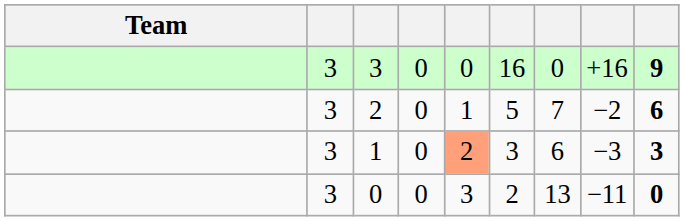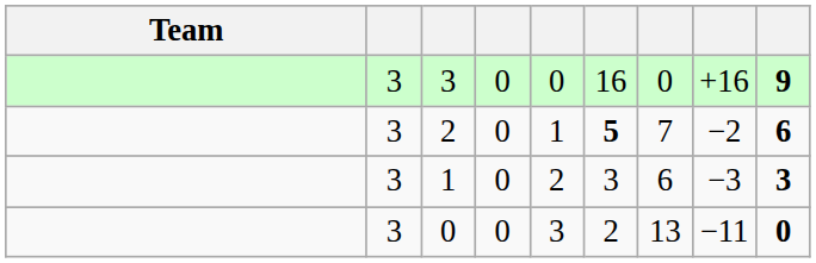 <table class="wikitable" style="text-align:center;">
 <tr>
 <th width=175>Team</th>
 <th width=20></th>
 <th width=20></th>
 <th width=20></th>
 <th width=20></th>
 <th width=20></th>
 <th width=20></th>
 <th width=20></th>
 <th width=20></th>
 </tr>
 <tr bgcolor=ccffcc>
 <td align="left"></td>
 <td>3</td>
 <td>3</td>
 <td>0</td>
 <td>0</td>
 <td>16</td>
 <td>0</td>
 <td>+16</td>
 <td><strong>9</strong></td>
 </tr>
 <tr>
 <td align="left"></td>
 <td>3</td>
 <td>2</td>
 <td>0</td>
 <td>1</td>
-<td>5</td>
+<td><strong>5</strong></td>
 <td>7</td>
 <td>−2</td>
 <td><strong>6</strong></td>
 </tr>
 <tr>
 <td align="left"></td>
 <td>3</td>
 <td>1</td>
 <td>0</td>
-<td style="background: lightsalmon;">2</td>
+<td>2</td>
 <td>3</td>
 <td>6</td>
 <td>−3</td>
 <td><strong>3</strong></td>
 </tr>
 <tr>
 <td align="left"></td>
 <td>3</td>
 <td>0</td>
 <td>0</td>
 <td>3</td>
 <td>2</td>
 <td>13</td>
 <td>−11</td>
 <td><strong>0</strong></td>
 </tr>
 </table>
